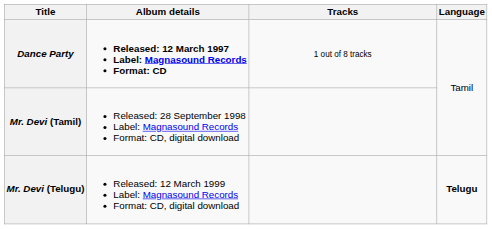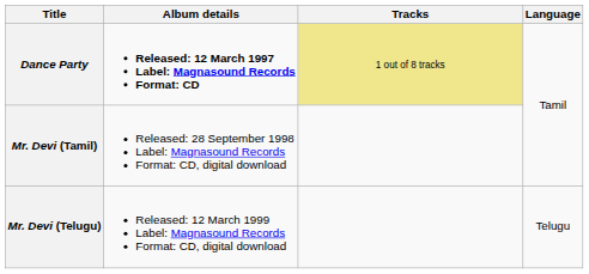 <table class="wikitable" style="text-align:center;">
 <tr>
 <th>Title</th>
 <th>Album details</th>
 <th class="unsortable" style="width: 300px;">Tracks</th>
 <th>Language</th>
 </tr>
 <tr>
 <th scope="col"><em>Dance Party</em></th>
 <td style="text-align:left;"><strong><br><ul><li>Released: 12 March 1997</li><li>Label: <a href='#'>Magnasound Records</a></li><li>Format: CD</li></ul></strong></td>
-<td><small>1 out of 8 tracks</small></td>
+<td style="background: khaki;"><small>1 out of 8 tracks</small></td>
 <td rowspan="2">Tamil</td>
 </tr>
 <tr>
 <th scope="col"><em>Mr. Devi</em> (Tamil)</th>
 <td style="text-align:left;"><br><ul><li>Released: 28 September 1998</li><li>Label: <a href='#'>Magnasound Records</a></li><li>Format: CD, digital download</li></ul></td>
 <td></td>
 </tr>
 <tr>
 <th scope="col"><em>Mr. Devi</em> (Telugu)</th>
 <td style="text-align:left;"><br><ul><li>Released: 12 March 1999</li><li>Label: <a href='#'>Magnasound Records</a></li><li>Format: CD, digital download</li></ul></td>
 <td></td>
-<td><strong>Telugu</strong></td>
+<td>Telugu</td>
 </tr>
 </table>
